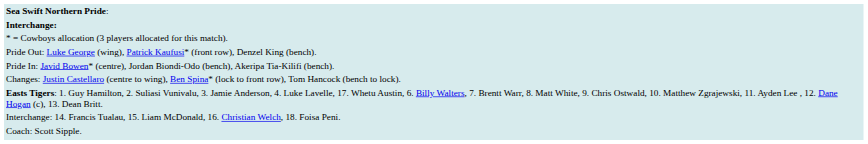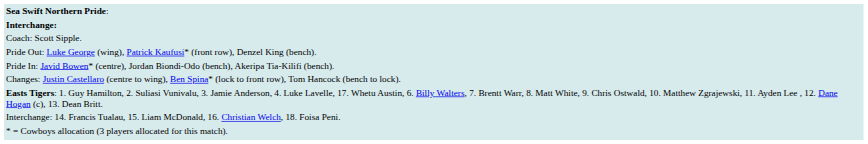 <table style="background:#d7ebed; font-size:85%; width:100%;">
 <tr>
 <td><strong>Sea Swift Northern Pride</strong>:             </td>
 </tr>
 <tr>
 <td><strong>Interchange:    </strong></td>
 </tr>
 <tr>
-<td>* = Cowboys allocation (3 players allocated for this match).</td>
+<td>Coach: Scott Sipple.</td>
 </tr>
 <tr>
 <td>Pride Out: <a href='#'>Luke George</a> (wing), <a href='#'>Patrick Kaufusi</a>* (front row), Denzel King (bench).</td>
 </tr>
 <tr>
 <td>Pride In: <a href='#'>Javid Bowen</a>* (centre), Jordan Biondi-Odo (bench), Akeripa Tia-Kilifi (bench).</td>
 </tr>
 <tr>
 <td>Changes: <a href='#'>Justin Castellaro</a> (centre to wing), <a href='#'>Ben Spina</a>* (lock to front row), Tom Hancock (bench to lock).</td>
 </tr>
 <tr>
 <td><strong>Easts Tigers</strong>: 1. Guy Hamilton, 2. Suliasi Vunivalu, 3. Jamie Anderson, 4. Luke Lavelle, 17. Whetu Austin, 6. <a href='#'>Billy Walters</a>, 7. Brentt Warr, 8. Matt White, 9. Chris Ostwald, 10. Matthew Zgrajewski, 11. Ayden Lee , 12. <a href='#'>Dane Hogan</a> (c), 13. Dean Britt.</td>
 </tr>
 <tr>
 <td>Interchange: 14. Francis Tualau, 15. Liam McDonald, 16. <a href='#'>Christian Welch</a>, 18. Foisa Peni.</td>
 </tr>
 <tr>
-<td>Coach: Scott Sipple.</td>
+<td>* = Cowboys allocation (3 players allocated for this match).</td>
 </tr>
 <tr>
 </tr>
 </table>
